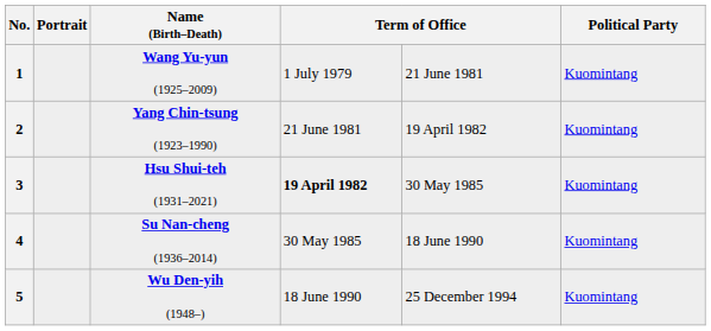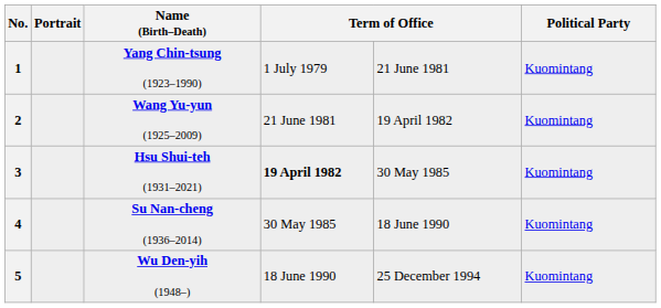 <table class=wikitable>
 <tr>
 <th>No.</th>
 <th>Portrait</th>
 <th width="200">Name<br><small>(Birth–Death)</small></th>
 <th colspan=2 width="300">Term of Office</th>
 <th width="150">Political Party</th>
 </tr>
 <tr - bgcolor=#EEEEEE>
 <th style="background:">1</th>
 <td></td>
-<td align=center><strong><a href='#'>Wang Yu-yun</a></strong><br><br><small>(1925–2009)</small></td>
+<td align=center><strong><a href='#'>Yang Chin-tsung</a></strong><br><br><small>(1923–1990)</small></td>
 <td>1 July 1979</td>
 <td>21 June 1981</td>
 <td><a href='#'>Kuomintang</a></td>
 </tr>
 <tr - bgcolor=#EEEEEE>
 <th style="background:">2</th>
 <td></td>
-<td align=center><strong><a href='#'>Yang Chin-tsung</a></strong><br><br><small>(1923–1990)</small></td>
+<td align=center><strong><a href='#'>Wang Yu-yun</a></strong><br><br><small>(1925–2009)</small></td>
 <td>21 June 1981</td>
 <td>19 April 1982</td>
 <td><a href='#'>Kuomintang</a></td>
 </tr>
 <tr - bgcolor=#EEEEEE>
 <th style="background:">3</th>
 <td></td>
 <td align=center><strong><a href='#'>Hsu Shui-teh</a></strong><br><br><small>(1931–2021)</small></td>
 <td><strong>19 April 1982</strong></td>
 <td>30 May 1985</td>
 <td><a href='#'>Kuomintang</a></td>
 </tr>
 <tr - bgcolor=#EEEEEE>
 <th style="background:">4</th>
 <td></td>
 <td align=center><strong><a href='#'>Su Nan-cheng</a></strong><br><br><small>(1936–2014)</small></td>
 <td>30 May 1985</td>
 <td>18 June 1990</td>
 <td><a href='#'>Kuomintang</a></td>
 </tr>
 <tr - bgcolor=#EEEEEE>
 <th style="background:">5</th>
 <td></td>
 <td align=center><strong><a href='#'>Wu Den-yih</a></strong><br><br><small>(1948–)</small></td>
 <td>18 June 1990</td>
 <td>25 December 1994</td>
 <td><a href='#'>Kuomintang</a></td>
 </tr>
 </table>
